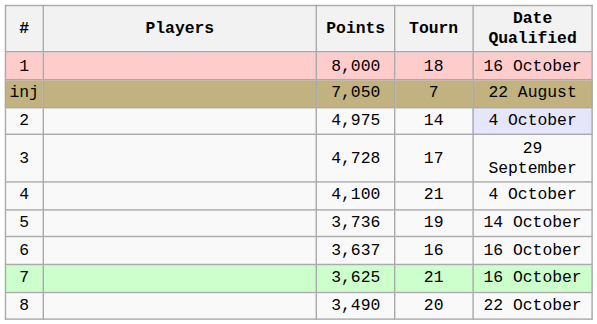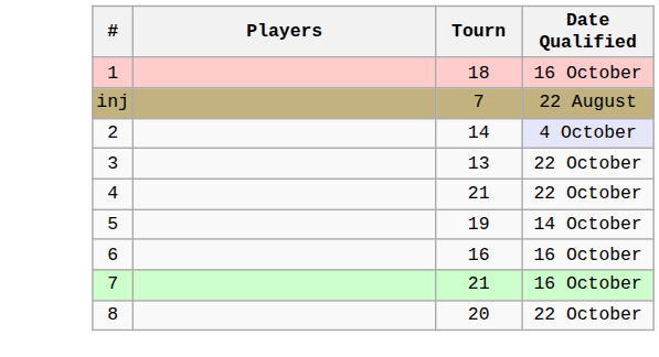 <table class="sortable wikitable" style="float:right;margin-left:1em;text-align:center;font-size:90%;text:justify;">
 <tr>
 <th width=20>#</th>
 <th width=190>Players</th>
-<th width=50>Points</th>
 <th width=50>Tourn</th>
 <th width=80>Date Qualified</th>
 </tr>
 <tr style="background:#fcc;">
 <td>1</td>
 <td align=left></td>
-<td>8,000</td>
 <td>18</td>
 <td>16 October</td>
 </tr>
 <tr style="background:#C2B280;">
 <td>inj</td>
 <td align=left></td>
-<td>7,050</td>
 <td>7</td>
 <td>22 August</td>
 </tr>
 <tr>
 <td>2</td>
 <td align=left></td>
-<td>4,975</td>
 <td>14</td>
 <td style="background: lavender;">4 October</td>
 </tr>
 <tr>
 <td>3</td>
 <td align=left></td>
-<td>4,728</td>
-<td>17</td>
-<td>29 September</td>
+<td>13</td>
+<td>22 October</td>
 </tr>
 <tr>
 <td>4</td>
 <td align=left></td>
-<td>4,100</td>
 <td>21</td>
-<td>4 October</td>
+<td>22 October</td>
 </tr>
 <tr>
 <td>5</td>
 <td align=left></td>
-<td>3,736</td>
 <td>19</td>
 <td>14 October</td>
 </tr>
 <tr>
 <td>6</td>
 <td align=left></td>
-<td>3,637</td>
 <td>16</td>
 <td>16 October</td>
 </tr>
 <tr style="background:#cfc;">
 <td>7</td>
 <td align=left></td>
-<td>3,625</td>
 <td>21</td>
 <td>16 October</td>
 </tr>
 <tr>
 <td>8</td>
 <td align=left></td>
-<td>3,490</td>
 <td>20</td>
 <td>22 October</td>
 </tr>
 </table>
